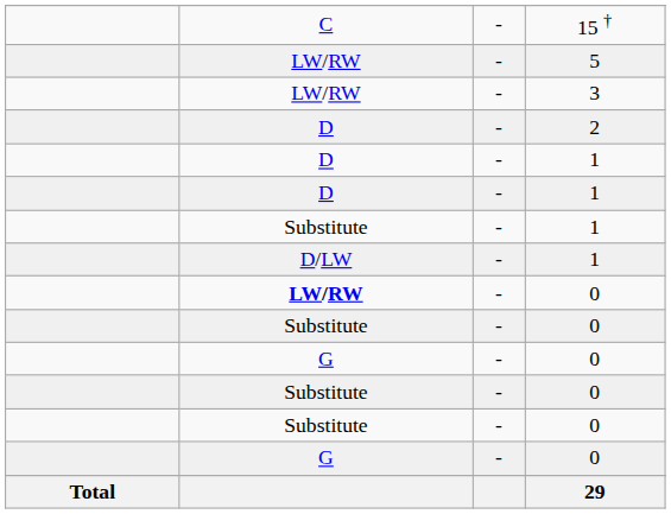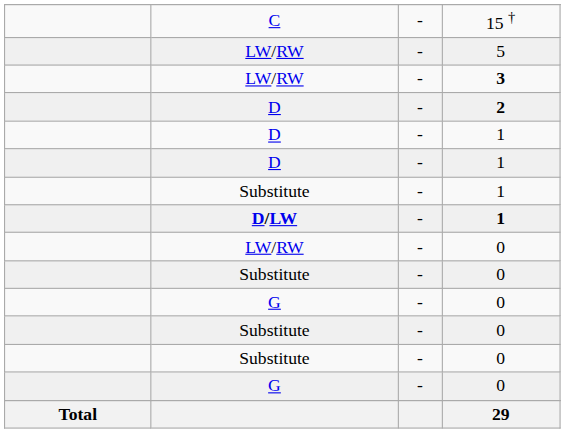 <table class="wikitable sortable" width ="40%">
 <tr align="center">
 </tr>
 <tr align="center" bgcolor="">
 <td></td>
 <td><a href='#'>C</a></td>
 <td>-</td>
 <td>15 <sup>†</sup></td>
 </tr>
 <tr align="center" bgcolor="f0f0f0">
 <td></td>
 <td><a href='#'>LW</a>/<a href='#'>RW</a></td>
 <td>-</td>
 <td>5</td>
 </tr>
 <tr align="center" bgcolor="">
 <td></td>
 <td><a href='#'>LW</a>/<a href='#'>RW</a></td>
 <td>-</td>
-<td>3</td>
+<td><strong>3</strong></td>
 </tr>
 <tr align="center" bgcolor="f0f0f0">
 <td></td>
 <td><a href='#'>D</a></td>
 <td>-</td>
-<td>2</td>
+<td><strong>2</strong></td>
 </tr>
 <tr align="center" bgcolor="">
 <td></td>
 <td><a href='#'>D</a></td>
 <td>-</td>
 <td>1</td>
 </tr>
 <tr align="center" bgcolor="f0f0f0">
 <td></td>
 <td><a href='#'>D</a></td>
 <td>-</td>
 <td>1</td>
 </tr>
 <tr align="center" bgcolor="">
 <td></td>
 <td>Substitute</td>
 <td>-</td>
 <td>1</td>
 </tr>
 <tr align="center" bgcolor="f0f0f0">
 <td></td>
-<td><a href='#'>D</a>/<a href='#'>LW</a></td>
+<td><strong><a href='#'>D</a>/<a href='#'>LW</a></strong></td>
 <td>-</td>
-<td>1</td>
+<td><strong>1</strong></td>
 </tr>
 <tr align="center" bgcolor="">
 <td></td>
-<td><strong><a href='#'>LW</a>/<a href='#'>RW</a></strong></td>
+<td><a href='#'>LW</a>/<a href='#'>RW</a></td>
 <td>-</td>
 <td>0</td>
 </tr>
 <tr align="center" bgcolor="f0f0f0">
 <td></td>
 <td>Substitute</td>
 <td>-</td>
 <td>0</td>
 </tr>
 <tr align="center" bgcolor="">
 <td></td>
 <td><a href='#'>G</a></td>
 <td>-</td>
 <td>0</td>
 </tr>
 <tr align="center" bgcolor="f0f0f0">
 <td></td>
 <td>Substitute</td>
 <td>-</td>
 <td>0</td>
 </tr>
 <tr align="center" bgcolor="">
 <td></td>
 <td>Substitute</td>
 <td>-</td>
 <td>0</td>
 </tr>
 <tr align="center" bgcolor="f0f0f0">
 <td></td>
 <td><a href='#'>G</a></td>
 <td>-</td>
 <td>0</td>
 </tr>
 <tr align="center" bgcolor="">
 </tr>
 <tr>
 <th>Total</th>
 <th></th>
 <th></th>
 <th>29</th>
 </tr>
 </table>
